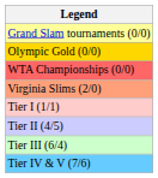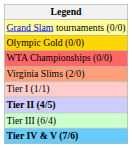 <table class="wikitable sortable mw-collapsible mw-collapsed">
 <tr>
 <th>Legend</th>
 </tr>
 <tr>
 <td bgcolor="#FFFF99"><a href='#'>Grand Slam</a> tournaments (0/0)</td>
 </tr>
 <tr>
 <td bgcolor="gold">Olympic Gold (0/0)</td>
 </tr>
 <tr>
 <td bgcolor="#FF6666">WTA Championships (0/0)</td>
 </tr>
 <tr>
 <td style="background: lightsalmon;">Virginia Slims (2/0)</td>
 </tr>
 <tr>
 <td bgcolor="#ffcccc">Tier I (1/1)</td>
 </tr>
 <tr>
-<td bgcolor="#ccccff">Tier II (4/5)</td>
+<td bgcolor="#ccccff"><strong>Tier II (4/5)</strong></td>
 </tr>
 <tr>
 <td bgcolor="#CCFFCC">Tier III (6/4)</td>
 </tr>
 <tr>
-<td bgcolor="#66CCFF">Tier IV & V (7/6)</td>
+<td bgcolor="#66CCFF"><strong>Tier IV & V (7/6)</strong></td>
 </tr>
 </table>
